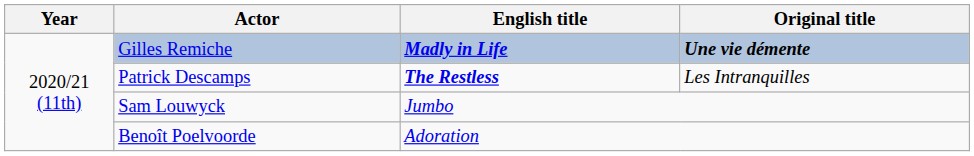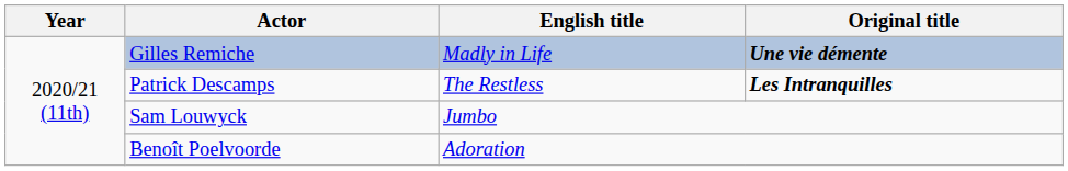 <table class="wikitable" width="95%" cellpadding="5">
 <tr>
 <th width="100"><strong>Year</strong></th>
 <th width="300"><strong>Actor</strong></th>
 <th width="300"><strong>English title</strong></th>
 <th width="300"><strong>Original title</strong></th>
 </tr>
 <tr>
 <td rowspan="4" style="text-align:center;">2020/21<br><a href='#'>(11th)</a></td>
 <td style="background:#B0C4DE;"><a href='#'>Gilles Remiche</a></td>
-<td style="background:#B0C4DE;"><strong><em><a href='#'>Madly in Life</a></em></strong></td>
+<td style="background:#B0C4DE;"><em><a href='#'>Madly in Life</a></em></td>
 <td style="background:#B0C4DE;"><strong><em>Une vie démente</em></strong></td>
 </tr>
 <tr>
 <td><a href='#'>Patrick Descamps</a></td>
-<td><strong><em><a href='#'>The Restless</a></em></strong></td>
-<td><em>Les Intranquilles</em></td>
+<td><em><a href='#'>The Restless</a></em></td>
+<td><strong><em>Les Intranquilles</em></strong></td>
 </tr>
 <tr>
 <td><a href='#'>Sam Louwyck</a></td>
 <td colspan="2"><em><a href='#'>Jumbo</a></em></td>
 </tr>
 <tr>
 <td><a href='#'>Benoît Poelvoorde</a></td>
 <td colspan="2"><em><a href='#'>Adoration</a></em></td>
 </tr>
 </table>
